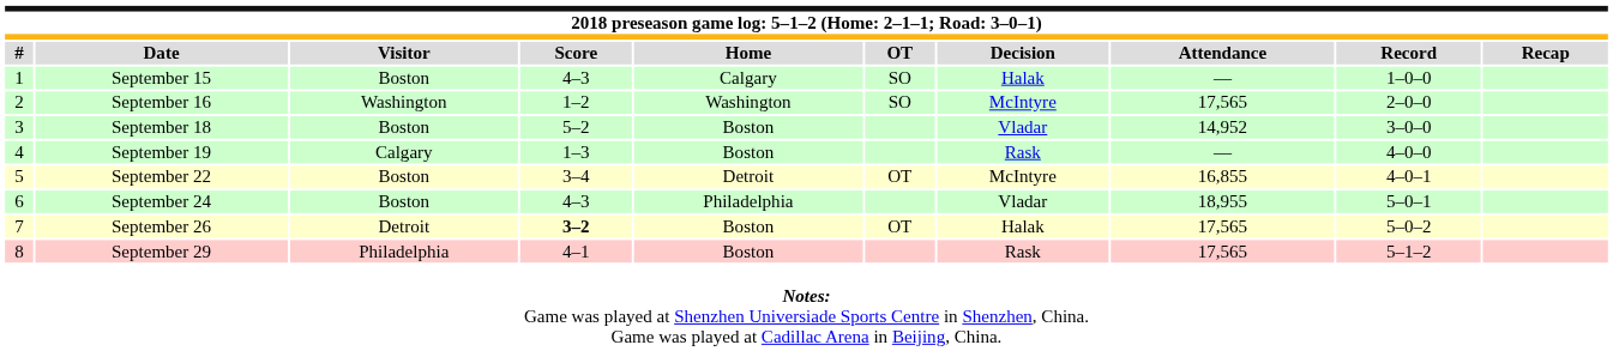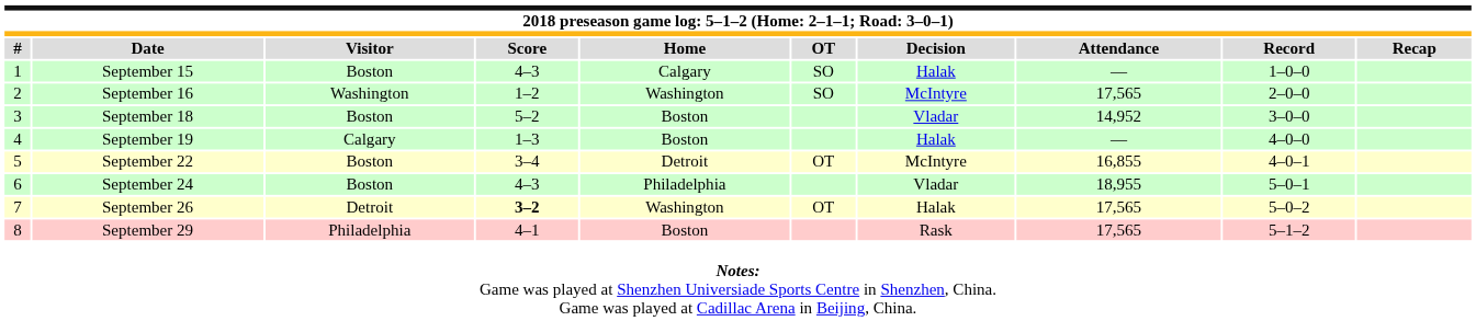 <table class="toccolours collapsible collapsed" style="width:90%; clear:both; margin:1.5em auto; text-align:center;">
 <tr>
 <th colspan="10" style="background:#FFFFFF; border-top:#111111 5px solid; border-bottom:#FCB514 5px solid;">2018 preseason game log: 5–1–2 (Home: 2–1–1; Road: 3–0–1)</th>
 </tr>
 <tr style="background:#ddd;">
 <th>#</th>
 <th>Date</th>
 <th>Visitor</th>
 <th>Score</th>
 <th>Home</th>
 <th>OT</th>
 <th>Decision</th>
 <th>Attendance</th>
 <th>Record</th>
 <th>Recap</th>
 </tr>
 <tr style="background:#cfc;">
 <td>1</td>
 <td>September 15</td>
 <td>Boston</td>
 <td>4–3</td>
 <td>Calgary</td>
 <td>SO</td>
 <td><a href='#'>Halak</a></td>
 <td>—</td>
 <td>1–0–0</td>
 <td></td>
 </tr>
 <tr style="background:#cfc;">
 <td>2</td>
 <td>September 16</td>
 <td>Washington</td>
 <td>1–2</td>
 <td>Washington</td>
 <td>SO</td>
 <td><a href='#'>McIntyre</a></td>
 <td>17,565</td>
 <td>2–0–0</td>
 <td></td>
 </tr>
 <tr style="background:#cfc;">
 <td>3</td>
 <td>September 18</td>
 <td>Boston</td>
 <td>5–2</td>
 <td>Boston</td>
 <td></td>
 <td><a href='#'>Vladar</a></td>
 <td>14,952</td>
 <td>3–0–0</td>
 <td></td>
 </tr>
 <tr style="background:#cfc;">
 <td>4</td>
 <td>September 19</td>
 <td>Calgary</td>
 <td>1–3</td>
 <td>Boston</td>
 <td></td>
-<td><a href='#'>Rask</a></td>
+<td><a href='#'>Halak</a></td>
 <td>—</td>
 <td>4–0–0</td>
 <td></td>
 </tr>
 <tr style="background:#ffc;">
 <td>5</td>
 <td>September 22</td>
 <td>Boston</td>
 <td>3–4</td>
 <td>Detroit</td>
 <td>OT</td>
 <td>McIntyre</td>
 <td>16,855</td>
 <td>4–0–1</td>
 <td></td>
 </tr>
 <tr style="background:#cfc;">
 <td>6</td>
 <td>September 24</td>
 <td>Boston</td>
 <td>4–3</td>
 <td>Philadelphia</td>
 <td></td>
 <td>Vladar</td>
 <td>18,955</td>
 <td>5–0–1</td>
 <td></td>
 </tr>
 <tr style="background:#ffc;">
 <td>7</td>
 <td>September 26</td>
 <td>Detroit</td>
 <td><strong>3–2</strong></td>
-<td>Boston</td>
+<td>Washington</td>
 <td>OT</td>
 <td>Halak</td>
 <td>17,565</td>
 <td>5–0–2</td>
 <td></td>
 </tr>
 <tr style="background:#fcc;">
 <td>8</td>
 <td>September 29</td>
 <td>Philadelphia</td>
 <td>4–1</td>
 <td>Boston</td>
 <td></td>
 <td>Rask</td>
 <td>17,565</td>
 <td>5–1–2</td>
 <td></td>
 </tr>
 <tr>
 <td colspan="10" style="text-align:center;"><br><strong><em>Notes:</em></strong><br>  Game was played at <a href='#'>Shenzhen Universiade Sports Centre</a> in <a href='#'>Shenzhen</a>, China.<br>  Game was played at <a href='#'>Cadillac Arena</a> in <a href='#'>Beijing</a>, China.</td>
 </tr>
 </table>
